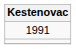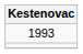 <table class="wikitable" style="margin: 0.5em auto; text-align: center;">
 <tr>
 <th colspan="1">Kestenovac</th>
 </tr>
 <tr>
-<td>1991</td>
+<td>1993</td>
 </tr>
 <tr>
 <td></td>
 </tr>
 <tr>
 </tr>
 </table>
